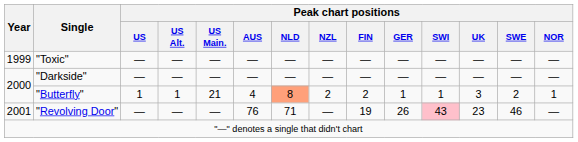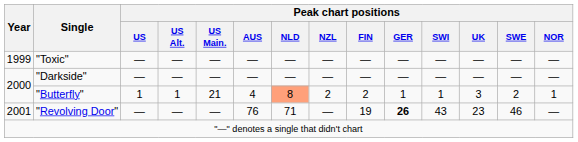 <table class="wikitable" style="text-align:center;">
 <tr>
 <th rowspan="2">Year</th>
 <th rowspan="2">Single</th>
 <th colspan="12">Peak chart positions</th>
 </tr>
 <tr>
 <th style="width:3em" align="center"><small><a href='#'>US</a></small><br></th>
 <th style="width:3em" align="center"><small><a href='#'>US<br>Alt.</a></small><br></th>
 <th style="width:3em" align="center"><small><a href='#'>US<br>Main.</a></small><br></th>
 <th style="width:3em" align="center"><small><a href='#'>AUS</a></small><br></th>
 <th style="width:3em" align="center"><small><a href='#'>NLD</a></small><br></th>
 <th style="width:3em" align="center"><small><a href='#'>NZL</a></small><br></th>
 <th style="width:3em" align="center"><small><a href='#'>FIN</a></small><br></th>
 <th style="width:3em" align="center"><small><a href='#'>GER</a></small><br></th>
 <th style="width:3em" align="center"><small><a href='#'>SWI</a></small><br></th>
 <th style="width:3em" align="center"><small><a href='#'>UK</a></small><br></th>
 <th style="width:3em" align="center"><small><a href='#'>SWE</a></small><br></th>
 <th style="width:3em" align="center"><small><a href='#'>NOR</a></small><br></th>
 </tr>
 <tr>
 <td>1999</td>
 <td align="left">"Toxic"</td>
 <td>—</td>
 <td>—</td>
 <td>—</td>
 <td>—</td>
 <td>—</td>
 <td>—</td>
 <td>—</td>
 <td>—</td>
 <td>—</td>
 <td>—</td>
 <td>—</td>
 <td>—</td>
 </tr>
 <tr>
 <td rowspan="2">2000</td>
 <td align="left">"Darkside"</td>
 <td>—</td>
 <td>—</td>
 <td>—</td>
 <td>—</td>
 <td>—</td>
 <td>—</td>
 <td>—</td>
 <td>—</td>
 <td>—</td>
 <td>—</td>
 <td>—</td>
 <td>—</td>
 </tr>
 <tr>
 <td align="left">"<a href='#'>Butterfly</a>"</td>
 <td>1</td>
 <td>1</td>
 <td>21</td>
 <td>4</td>
 <td style="background: lightsalmon;">8</td>
 <td>2</td>
 <td>2</td>
 <td>1</td>
 <td>1</td>
 <td>3</td>
 <td>2</td>
 <td>1</td>
 </tr>
 <tr>
 <td>2001</td>
 <td align="left">"<a href='#'>Revolving Door</a>"</td>
 <td>—</td>
 <td>—</td>
 <td>—</td>
 <td>76</td>
 <td>71</td>
 <td>—</td>
 <td>19</td>
-<td>26</td>
-<td style="background: pink;">43</td>
+<td><strong>26</strong></td>
+<td>43</td>
 <td>23</td>
 <td>46</td>
 <td>—</td>
 </tr>
 <tr>
 <td align="center" colspan="15"><small>"—" denotes a single that didn't chart</small></td>
 </tr>
 </table>
